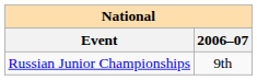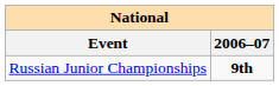 <table class="wikitable" style="text-align:center">
 <tr>
 <th style="background-color: #ffdead; " colspan=2 align=center>National</th>
 </tr>
 <tr>
 <th>Event</th>
 <th>2006–07</th>
 </tr>
 <tr>
 <td align=left><a href='#'>Russian Junior Championships</a></td>
-<td>9th</td>
+<td><strong>9th</strong></td>
 </tr>
 </table>
